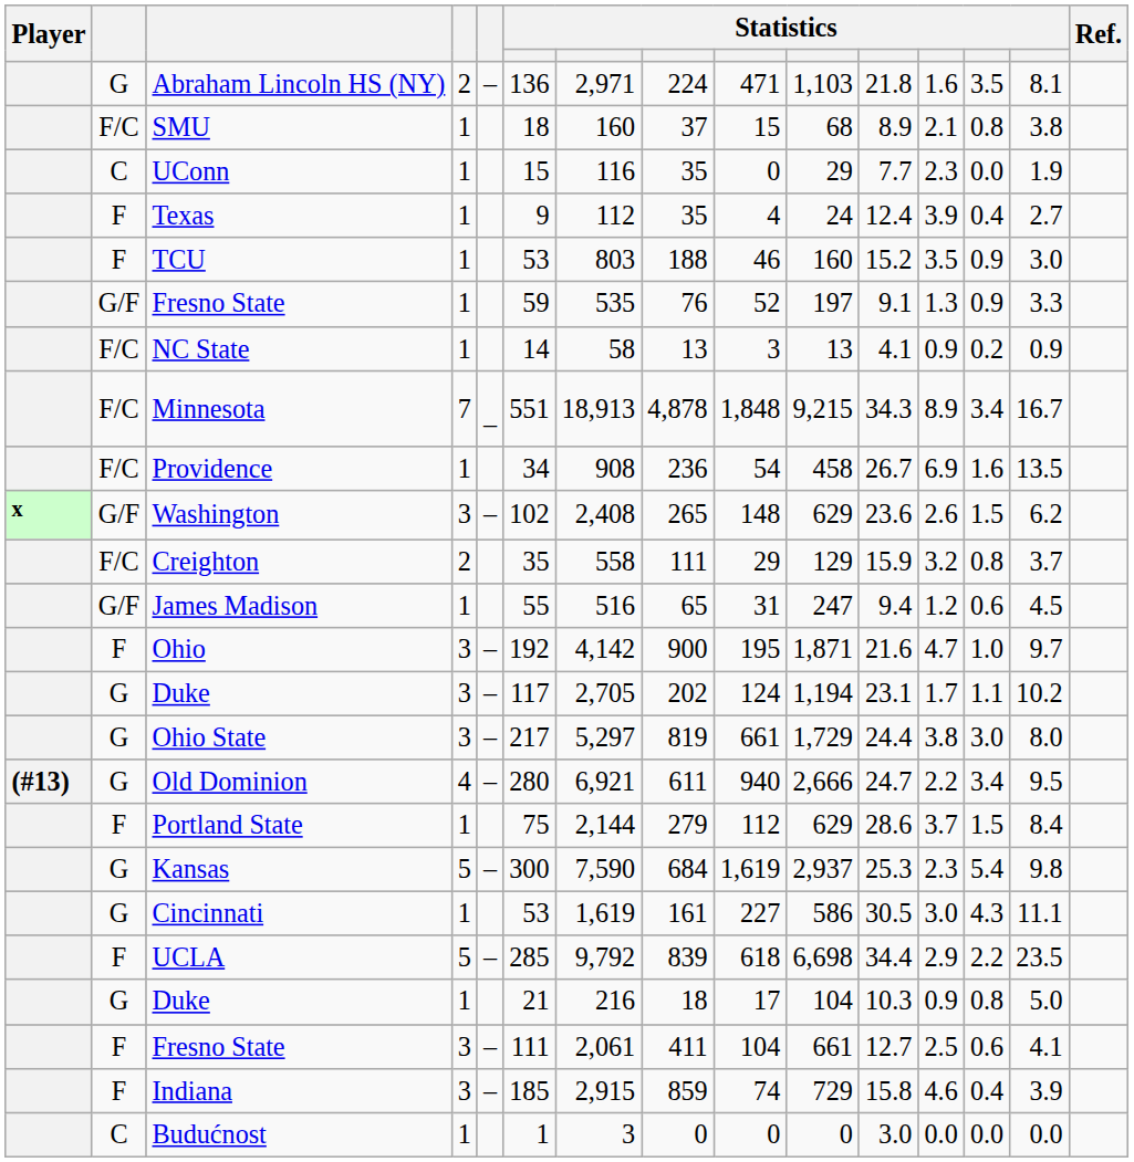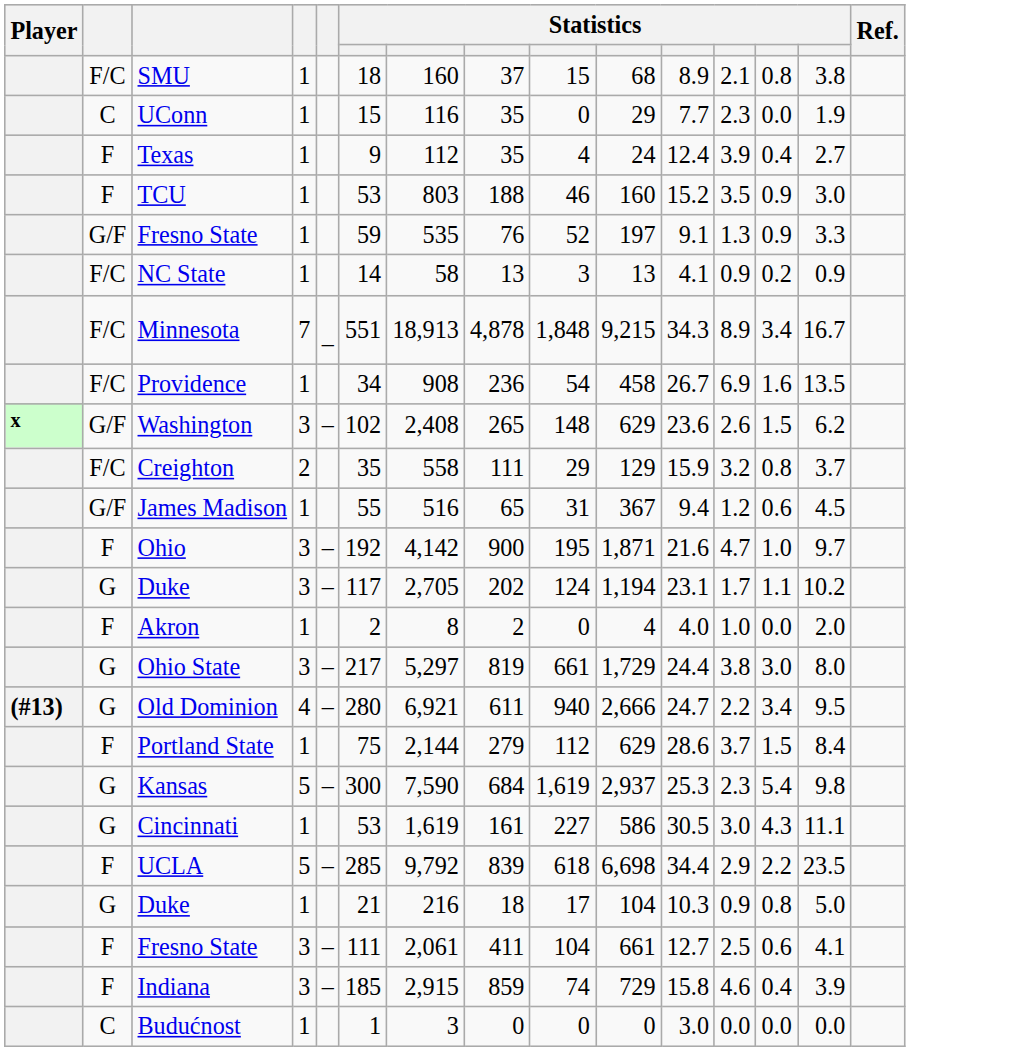 <table class="wikitable sortable" style="font-size:95%; text-align:right;">
 <tr>
 <th scope=col rowspan="2">Player</th>
 <th scope=col rowspan="2"></th>
 <th scope=col rowspan="2"></th>
 <th scope=col rowspan="2"></th>
 <th scope=col rowspan="2"></th>
 <th scope=colgroup colspan="9">Statistics</th>
 <th scope=col rowspan="2">Ref.</th>
 </tr>
 <tr>
 <th scope=col></th>
 <th scope=col></th>
 <th scope=col></th>
 <th scope=col></th>
 <th scope=col></th>
 <th scope=col></th>
 <th scope=col></th>
 <th scope=col></th>
 <th scope=col></th>
-</tr>
-<tr>
-<th scope=row style="text-align:left;"></th>
-<td align="center">G</td>
-<td align="left"><a href='#'>Abraham Lincoln HS (NY)</a></td>
-<td align="center">2</td>
-<td align="center">–</td>
-<td>136</td>
-<td>2,971</td>
-<td>224</td>
-<td>471</td>
-<td>1,103</td>
-<td>21.8</td>
-<td>1.6</td>
-<td>3.5</td>
-<td>8.1</td>
-<td align=center></td>
 </tr>
 <tr>
 <th scope=row style="text-align:left;"></th>
 <td align="center">F/C</td>
 <td align="left"><a href='#'>SMU</a></td>
 <td align="center">1</td>
 <td align="center"></td>
 <td>18</td>
 <td>160</td>
 <td>37</td>
 <td>15</td>
 <td>68</td>
 <td>8.9</td>
 <td>2.1</td>
 <td>0.8</td>
 <td>3.8</td>
 <td align=center></td>
 </tr>
 <tr>
 <th scope=row style="text-align:left;"></th>
 <td align="center">C</td>
 <td align="left"><a href='#'>UConn</a></td>
 <td align="center">1</td>
 <td align="center"></td>
 <td>15</td>
 <td>116</td>
 <td>35</td>
 <td>0</td>
 <td>29</td>
 <td>7.7</td>
 <td>2.3</td>
 <td>0.0</td>
 <td>1.9</td>
 <td align=center></td>
 </tr>
 <tr>
 <th scope=row style="text-align:left;"></th>
 <td align="center">F</td>
 <td align="left"><a href='#'>Texas</a></td>
 <td align="center">1</td>
 <td align="center"></td>
 <td>9</td>
 <td>112</td>
 <td>35</td>
 <td>4</td>
 <td>24</td>
 <td>12.4</td>
 <td>3.9</td>
 <td>0.4</td>
 <td>2.7</td>
 <td align=center></td>
 </tr>
 <tr>
 <th scope=row style="text-align:left;"></th>
 <td align="center">F</td>
 <td align="left"><a href='#'>TCU</a></td>
 <td align="center">1</td>
 <td align="center"></td>
 <td>53</td>
 <td>803</td>
 <td>188</td>
 <td>46</td>
 <td>160</td>
 <td>15.2</td>
 <td>3.5</td>
 <td>0.9</td>
 <td>3.0</td>
 <td align=center></td>
 </tr>
 <tr>
 <th scope=row style="text-align:left;"></th>
 <td align="center">G/F</td>
 <td align="left"><a href='#'>Fresno State</a></td>
 <td align="center">1</td>
 <td align="center"></td>
 <td>59</td>
 <td>535</td>
 <td>76</td>
 <td>52</td>
 <td>197</td>
 <td>9.1</td>
 <td>1.3</td>
 <td>0.9</td>
 <td>3.3</td>
 <td align=center></td>
 </tr>
 <tr>
 <th scope=row style="text-align:left;"></th>
 <td align="center">F/C</td>
 <td align="left"><a href='#'>NC State</a></td>
 <td align="center">1</td>
 <td align="center"></td>
 <td>14</td>
 <td>58</td>
 <td>13</td>
 <td>3</td>
 <td>13</td>
 <td>4.1</td>
 <td>0.9</td>
 <td>0.2</td>
 <td>0.9</td>
 <td align=center></td>
 </tr>
 <tr>
 <th scope=row style="text-align:left;"></th>
 <td align="center">F/C</td>
 <td align="left"><a href='#'>Minnesota</a></td>
 <td align="center">7</td>
 <td align="center"><br>–</td>
 <td>551</td>
 <td>18,913</td>
 <td>4,878</td>
 <td>1,848</td>
 <td>9,215</td>
 <td>34.3</td>
 <td>8.9</td>
 <td>3.4</td>
 <td>16.7</td>
 <td align=center></td>
 </tr>
 <tr>
 <th scope=row style="text-align:left;"></th>
 <td align="center">F/C</td>
 <td align="left"><a href='#'>Providence</a></td>
 <td align="center">1</td>
 <td align="center"></td>
 <td>34</td>
 <td>908</td>
 <td>236</td>
 <td>54</td>
 <td>458</td>
 <td>26.7</td>
 <td>6.9</td>
 <td>1.6</td>
 <td>13.5</td>
 <td align=center></td>
 </tr>
 <tr>
 <th scope=row style="text-align:left; background-color:#CCFFCC;"><sup>x</sup></th>
 <td align="center">G/F</td>
 <td align="left"><a href='#'>Washington</a></td>
 <td align="center">3</td>
 <td align="center">–</td>
 <td>102</td>
 <td>2,408</td>
 <td>265</td>
 <td>148</td>
 <td>629</td>
 <td>23.6</td>
 <td>2.6</td>
 <td>1.5</td>
 <td>6.2</td>
 <td align=center></td>
 </tr>
 <tr>
 <th scope=row style="text-align:left;"></th>
 <td align="center">F/C</td>
 <td align="left"><a href='#'>Creighton</a></td>
 <td align="center">2</td>
 <td align="center"><br></td>
 <td>35</td>
 <td>558</td>
 <td>111</td>
 <td>29</td>
 <td>129</td>
 <td>15.9</td>
 <td>3.2</td>
 <td>0.8</td>
 <td>3.7</td>
 <td align=center></td>
 </tr>
 <tr>
 <th scope=row style="text-align:left;"></th>
 <td align="center">G/F</td>
 <td align="left"><a href='#'>James Madison</a></td>
 <td align="center">1</td>
 <td align="center"></td>
 <td>55</td>
 <td>516</td>
 <td>65</td>
 <td>31</td>
-<td>247</td>
+<td>367</td>
 <td>9.4</td>
 <td>1.2</td>
 <td>0.6</td>
 <td>4.5</td>
 <td align=center></td>
 </tr>
 <tr>
 <th scope=row style="text-align:left;"></th>
 <td align="center">F</td>
 <td align="left"><a href='#'>Ohio</a></td>
 <td align="center">3</td>
 <td align="center">–</td>
 <td>192</td>
 <td>4,142</td>
 <td>900</td>
 <td>195</td>
 <td>1,871</td>
 <td>21.6</td>
 <td>4.7</td>
 <td>1.0</td>
 <td>9.7</td>
 <td align=center></td>
 </tr>
 <tr>
 <th scope=row style="text-align:left;"></th>
 <td align="center">G</td>
 <td align="left"><a href='#'>Duke</a></td>
 <td align="center">3</td>
 <td align="center">–</td>
 <td>117</td>
 <td>2,705</td>
 <td>202</td>
 <td>124</td>
 <td>1,194</td>
 <td>23.1</td>
 <td>1.7</td>
 <td>1.1</td>
 <td>10.2</td>
+<td align=center></td>
+</tr>
+<tr>
+<th scope=row style="text-align:left;"></th>
+<td align="center">F</td>
+<td align="left"><a href='#'>Akron</a></td>
+<td align="center">1</td>
+<td align="center"></td>
+<td>2</td>
+<td>8</td>
+<td>2</td>
+<td>0</td>
+<td>4</td>
+<td>4.0</td>
+<td>1.0</td>
+<td>0.0</td>
+<td>2.0</td>
 <td align=center></td>
 </tr>
 <tr>
 <th scope=row style="text-align:left;"></th>
 <td align="center">G</td>
 <td align="left"><a href='#'>Ohio State</a></td>
 <td align="center">3</td>
 <td align="center">–</td>
 <td>217</td>
 <td>5,297</td>
 <td>819</td>
 <td>661</td>
 <td>1,729</td>
 <td>24.4</td>
 <td>3.8</td>
 <td>3.0</td>
 <td>8.0</td>
 <td align=center></td>
 </tr>
 <tr>
 <th scope=row style="text-align:left;"> (#13)</th>
 <td align="center">G</td>
 <td align="left"><a href='#'>Old Dominion</a></td>
 <td align="center">4</td>
 <td align="center">–</td>
 <td>280</td>
 <td>6,921</td>
 <td>611</td>
 <td>940</td>
 <td>2,666</td>
 <td>24.7</td>
 <td>2.2</td>
 <td>3.4</td>
 <td>9.5</td>
 <td align=center></td>
 </tr>
 <tr>
 <th scope=row style="text-align:left;"></th>
 <td align="center">F</td>
 <td align="left"><a href='#'>Portland State</a></td>
 <td align="center">1</td>
 <td align="center"></td>
 <td>75</td>
 <td>2,144</td>
 <td>279</td>
 <td>112</td>
 <td>629</td>
 <td>28.6</td>
 <td>3.7</td>
 <td>1.5</td>
 <td>8.4</td>
 <td align=center></td>
 </tr>
 <tr>
 <th scope=row style="text-align:left;"></th>
 <td align="center">G</td>
 <td align="left"><a href='#'>Kansas</a></td>
 <td align="center">5</td>
 <td align="center">–</td>
 <td>300</td>
 <td>7,590</td>
 <td>684</td>
 <td>1,619</td>
 <td>2,937</td>
 <td>25.3</td>
 <td>2.3</td>
 <td>5.4</td>
 <td>9.8</td>
 <td align=center></td>
 </tr>
 <tr>
 <th scope=row style="text-align:left;"></th>
 <td align="center">G</td>
 <td align="left"><a href='#'>Cincinnati</a></td>
 <td align="center">1</td>
 <td align="center"></td>
 <td>53</td>
 <td>1,619</td>
 <td>161</td>
 <td>227</td>
 <td>586</td>
 <td>30.5</td>
 <td>3.0</td>
 <td>4.3</td>
 <td>11.1</td>
 <td align=center></td>
 </tr>
 <tr>
 <th scope=row style="text-align:left;"></th>
 <td align="center">F</td>
 <td align="left"><a href='#'>UCLA</a></td>
 <td align="center">5</td>
 <td align="center">–</td>
 <td>285</td>
 <td>9,792</td>
 <td>839</td>
 <td>618</td>
 <td>6,698</td>
 <td>34.4</td>
 <td>2.9</td>
 <td>2.2</td>
 <td>23.5</td>
 <td align=center></td>
 </tr>
 <tr>
 <th scope=row style="text-align:left;"></th>
 <td align="center">G</td>
 <td align="left"><a href='#'>Duke</a></td>
 <td align="center">1</td>
 <td align="center"></td>
 <td>21</td>
 <td>216</td>
 <td>18</td>
 <td>17</td>
 <td>104</td>
 <td>10.3</td>
 <td>0.9</td>
 <td>0.8</td>
 <td>5.0</td>
 <td align=center></td>
 </tr>
 <tr>
 <th scope=row style="text-align:left;"></th>
 <td align="center">F</td>
 <td align="left"><a href='#'>Fresno State</a></td>
 <td align="center">3</td>
 <td align="center">–</td>
 <td>111</td>
 <td>2,061</td>
 <td>411</td>
 <td>104</td>
 <td>661</td>
 <td>12.7</td>
 <td>2.5</td>
 <td>0.6</td>
 <td>4.1</td>
 <td align=center></td>
 </tr>
 <tr>
 <th scope=row style="text-align:left;"></th>
 <td align="center">F</td>
 <td align="left"><a href='#'>Indiana</a></td>
 <td align="center">3</td>
 <td align="center">–</td>
 <td>185</td>
 <td>2,915</td>
 <td>859</td>
 <td>74</td>
 <td>729</td>
 <td>15.8</td>
 <td>4.6</td>
 <td>0.4</td>
 <td>3.9</td>
 <td align=center></td>
 </tr>
 <tr>
 <th scope=row style="text-align:left;"></th>
 <td align="center">C</td>
 <td align="left"> <a href='#'>Budućnost</a></td>
 <td align="center">1</td>
 <td align="center"></td>
 <td>1</td>
 <td>3</td>
 <td>0</td>
 <td>0</td>
 <td>0</td>
 <td>3.0</td>
 <td>0.0</td>
 <td>0.0</td>
 <td>0.0</td>
 <td align=center></td>
 </tr>
 </table>
